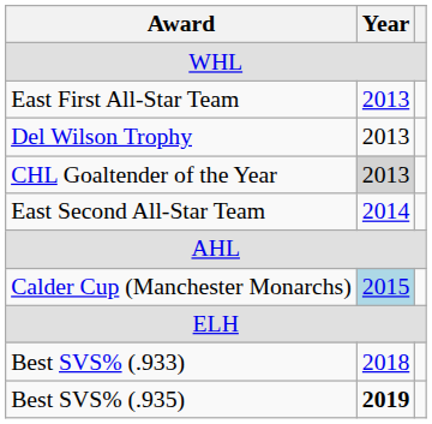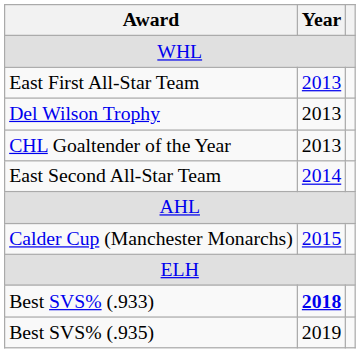 <table class="wikitable">
 <tr>
 <th>Award</th>
 <th>Year</th>
 <th></th>
 </tr>
 <tr ALIGN="center" bgcolor="#e0e0e0">
 <td colspan="3"><a href='#'>WHL</a></td>
 </tr>
 <tr>
 <td>East First All-Star Team</td>
 <td><a href='#'>2013</a></td>
 <td></td>
 </tr>
 <tr>
 <td><a href='#'>Del Wilson Trophy</a></td>
 <td>2013</td>
 <td></td>
 </tr>
 <tr>
 <td><a href='#'>CHL</a> Goaltender of the Year</td>
-<td style="background: lightgrey;">2013</td>
+<td>2013</td>
 <td></td>
 </tr>
 <tr>
 <td>East Second All-Star Team</td>
 <td><a href='#'>2014</a></td>
 <td></td>
 </tr>
 <tr ALIGN="center" bgcolor="#e0e0e0">
 <td colspan="3"><a href='#'>AHL</a></td>
 </tr>
 <tr>
 <td><a href='#'>Calder Cup</a> (Manchester Monarchs)</td>
-<td style="background: lightblue;"><a href='#'>2015</a></td>
+<td><a href='#'>2015</a></td>
 <td></td>
 </tr>
 <tr ALIGN="center" bgcolor="#e0e0e0">
 <td colspan="3"><a href='#'>ELH</a></td>
 </tr>
 <tr>
 <td>Best <a href='#'>SVS%</a> (.933)</td>
-<td><a href='#'>2018</a></td>
+<td><strong><a href='#'>2018</a></strong></td>
 <td></td>
 </tr>
 <tr>
 <td>Best SVS% (.935)</td>
-<td><strong>2019</strong></td>
+<td>2019</td>
 <td></td>
 </tr>
 </table>
